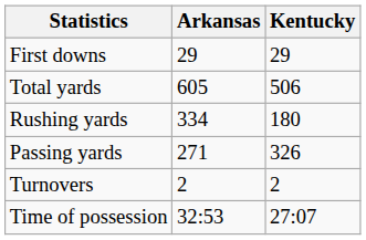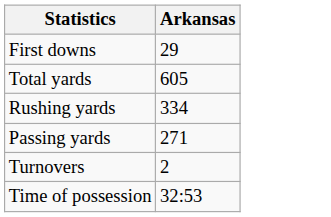 <table class="wikitable" style="float: left;">
 <tr>
 <th>Statistics</th>
 <th>Arkansas</th>
-<th>Kentucky</th>
 </tr>
 <tr>
 <td>First downs</td>
-<td>29</td>
 <td>29</td>
 </tr>
 <tr>
 <td>Total yards</td>
 <td>605</td>
-<td>506</td>
 </tr>
 <tr>
 <td>Rushing yards</td>
 <td>334</td>
-<td>180</td>
 </tr>
 <tr>
 <td>Passing yards</td>
 <td>271</td>
-<td>326</td>
 </tr>
 <tr>
 <td>Turnovers</td>
-<td>2</td>
 <td>2</td>
 </tr>
 <tr>
 <td>Time of possession</td>
 <td>32:53</td>
-<td>27:07</td>
 </tr>
 </table>
